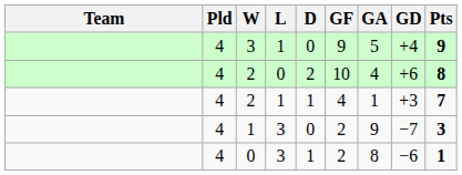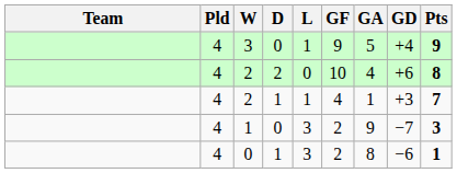 <table class="wikitable" style="text-align: center;">
 <tr>
 <th width=175>Team</th>
 <th width=20>Pld</th>
 <th width=20>W</th>
+<th width=20>D</th>
 <th width=20>L</th>
-<th width=20>D</th>
 <th width=20>GF</th>
 <th width=20>GA</th>
 <th width=20>GD</th>
 <th width=20>Pts</th>
 </tr>
 <tr bgcolor=ccffcc>
 <td style="text-align:left;"></td>
 <td>4</td>
 <td>3</td>
+<td>0</td>
 <td>1</td>
-<td>0</td>
 <td>9</td>
 <td>5</td>
 <td>+4</td>
 <td><strong>9</strong></td>
 </tr>
 <tr bgcolor=ccffcc>
 <td style="text-align:left;"></td>
 <td>4</td>
 <td>2</td>
+<td>2</td>
 <td>0</td>
-<td>2</td>
 <td>10</td>
 <td>4</td>
 <td>+6</td>
 <td><strong>8</strong></td>
 </tr>
 <tr>
 <td style="text-align:left;"></td>
 <td>4</td>
 <td>2</td>
 <td>1</td>
 <td>1</td>
 <td>4</td>
 <td>1</td>
 <td>+3</td>
 <td><strong>7</strong></td>
 </tr>
 <tr>
 <td style="text-align:left;"></td>
 <td>4</td>
 <td>1</td>
+<td>0</td>
 <td>3</td>
-<td>0</td>
 <td>2</td>
 <td>9</td>
 <td>−7</td>
 <td><strong>3</strong></td>
 </tr>
 <tr>
 <td style="text-align:left;"></td>
 <td>4</td>
 <td>0</td>
+<td>1</td>
 <td>3</td>
-<td>1</td>
 <td>2</td>
 <td>8</td>
 <td>−6</td>
 <td><strong>1</strong></td>
 </tr>
 </table>
